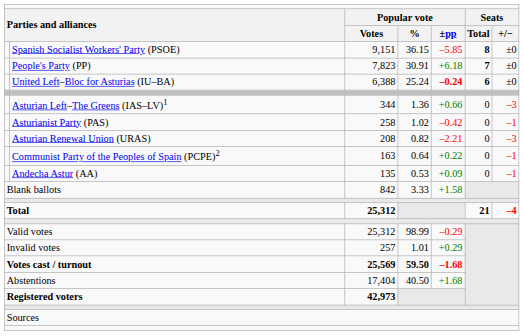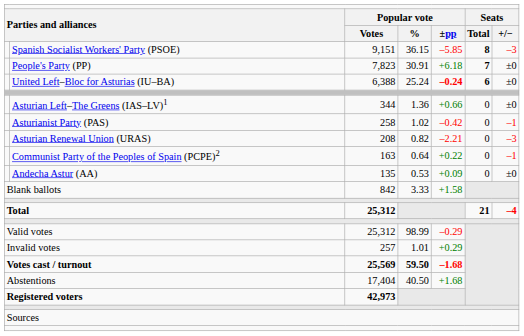 <table class="wikitable" style="text-align:right;">
 <tr>
 <td colspan="7"></td>
 </tr>
 <tr>
 <th style="text-align:left;" rowspan="2" colspan="2" width="525">Parties and alliances</th>
 <th colspan="3">Popular vote</th>
 <th colspan="2">Seats</th>
 </tr>
 <tr>
 <th width="75">Votes</th>
 <th width="45">%</th>
 <th width="45">±<a href='#'>pp</a></th>
 <th width="35">Total</th>
 <th width="35">+/−</th>
 </tr>
 <tr>
 <td width="1" style="color:inherit;background:"></td>
 <td align="left"><a href='#'>Spanish Socialist Workers' Party</a> (PSOE)</td>
 <td>9,151</td>
 <td>36.15</td>
 <td style="color:red;">–5.85</td>
 <td><strong>8</strong></td>
-<td>±0</td>
+<td style="color:red;">–3</td>
 </tr>
 <tr>
 <td style="color:inherit;background:"></td>
 <td align="left"><a href='#'>People's Party</a> (PP)</td>
 <td>7,823</td>
 <td>30.91</td>
 <td style="color:green;">+6.18</td>
 <td><strong>7</strong></td>
 <td>±0</td>
 </tr>
 <tr>
 <td style="color:inherit;background:"></td>
 <td align="left"><a href='#'>United Left</a>–<a href='#'>Bloc for Asturias</a> (IU–BA)</td>
 <td>6,388</td>
 <td>25.24</td>
 <td style="color:red;"><strong>–0.24</strong></td>
 <td><strong>6</strong></td>
 <td>±0</td>
 </tr>
 <tr>
 <td colspan="7" bgcolor="#C0C0C0"></td>
 </tr>
 <tr>
 <td style="color:inherit;background:"></td>
 <td align="left"><a href='#'>Asturian Left</a>–<a href='#'>The Greens</a> (IAS–LV)<sup>1</sup></td>
 <td>344</td>
 <td>1.36</td>
 <td style="color:green;">+0.66</td>
 <td>0</td>
-<td style="color:red;">–3</td>
+<td>±0</td>
 </tr>
 <tr>
 <td style="color:inherit;background:"></td>
 <td align="left"><a href='#'>Asturianist Party</a> (PAS)</td>
 <td>258</td>
 <td>1.02</td>
 <td style="color:red;">–0.42</td>
 <td>0</td>
 <td style="color:red;">–1</td>
 </tr>
 <tr>
 <td style="color:inherit;background:"></td>
 <td align="left"><a href='#'>Asturian Renewal Union</a> (URAS)</td>
 <td>208</td>
 <td>0.82</td>
 <td style="color:red;">–2.21</td>
 <td>0</td>
 <td style="color:red;">–3</td>
 </tr>
 <tr>
 <td style="color:inherit;background:"></td>
 <td align="left"><a href='#'>Communist Party of the Peoples of Spain</a> (PCPE)<sup>2</sup></td>
 <td>163</td>
 <td>0.64</td>
 <td style="color:green;">+0.22</td>
 <td>0</td>
 <td style="color:red;">–1</td>
 </tr>
 <tr>
 <td style="color:inherit;background:"></td>
 <td align="left"><a href='#'>Andecha Astur</a> (AA)</td>
 <td>135</td>
 <td>0.53</td>
 <td style="color:green;">+0.09</td>
 <td>0</td>
-<td style="color:red;">–1</td>
+<td>±0</td>
 </tr>
 <tr>
 <td align="left" colspan="2">Blank ballots</td>
 <td>842</td>
 <td>3.33</td>
 <td style="color:green;">+1.58</td>
 <td bgcolor="#E9E9E9" colspan="2"></td>
 </tr>
 <tr>
 <td colspan="7" bgcolor="#E9E9E9"></td>
 </tr>
 <tr style="font-weight:bold;">
 <td align="left" colspan="2">Total</td>
 <td>25,312</td>
 <td bgcolor="#E9E9E9" colspan="2"></td>
 <td>21</td>
 <td style="color:red;">–4</td>
 </tr>
 <tr>
 <td colspan="7" bgcolor="#E9E9E9"></td>
 </tr>
 <tr>
 <td align="left" colspan="2">Valid votes</td>
 <td>25,312</td>
 <td>98.99</td>
 <td style="color:red;">–0.29</td>
 <td bgcolor="#E9E9E9" colspan="2" rowspan="5"></td>
 </tr>
 <tr>
 <td align="left" colspan="2">Invalid votes</td>
 <td>257</td>
 <td>1.01</td>
 <td style="color:green;">+0.29</td>
 </tr>
 <tr style="font-weight:bold;">
 <td align="left" colspan="2">Votes cast / turnout</td>
 <td>25,569</td>
 <td>59.50</td>
 <td style="color:red;">–1.68</td>
 </tr>
 <tr>
 <td align="left" colspan="2">Abstentions</td>
 <td>17,404</td>
 <td>40.50</td>
 <td style="color:green;">+1.68</td>
 </tr>
 <tr style="font-weight:bold;">
 <td align="left" colspan="2">Registered voters</td>
 <td>42,973</td>
 <td bgcolor="#E9E9E9" colspan="2"></td>
 </tr>
 <tr>
 <td colspan="7" bgcolor="#E9E9E9"></td>
 </tr>
 <tr>
 <td align="left" colspan="7">Sources</td>
 </tr>
 <tr>
 <td colspan="7" style="text-align:left; max-width:790px;"></td>
 </tr>
 </table>
